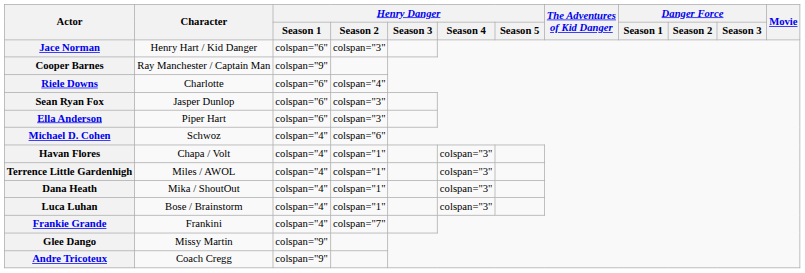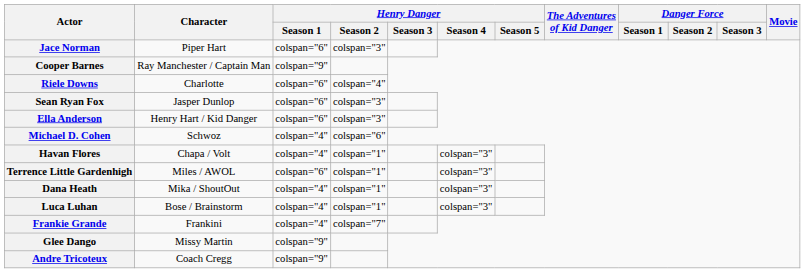 <table class="wikitable" style="text-align:center; font-size:90%">
 <tr>
 <th rowspan="2">Actor</th>
 <th rowspan="2">Character</th>
 <th colspan="5"><em><a href='#'>Henry Danger</a></em></th>
 <th rowspan="2"><em><a href='#'>The Adventures<br>of Kid Danger</a></em></th>
 <th colspan="3"><em><a href='#'>Danger Force</a></em></th>
 <th rowspan="2"><a href='#'>Movie</a></th>
 </tr>
 <tr>
 <th style="width:60px;">Season 1</th>
 <th style="width:60px;">Season 2</th>
 <th style="width:60px;">Season 3</th>
 <th style="width:60px;">Season 4</th>
 <th style="width:60px;">Season 5</th>
 <th style="width:60px;">Season 1</th>
 <th style="width:60px;">Season 2</th>
 <th style="width:60px;">Season 3</th>
 </tr>
 <tr>
 <th><a href='#'>Jace Norman</a></th>
-<td>Henry Hart / Kid Danger</td>
+<td>Piper Hart</td>
 <td>colspan="6" </td>
 <td>colspan="3" </td>
 <td></td>
 </tr>
 <tr>
 <th>Cooper Barnes</th>
 <td>Ray Manchester / Captain Man</td>
 <td>colspan="9" </td>
 <td></td>
 </tr>
 <tr>
 <th><a href='#'>Riele Downs</a></th>
 <td>Charlotte</td>
 <td>colspan="6" </td>
 <td>colspan="4" </td>
 </tr>
 <tr>
 <th>Sean Ryan Fox</th>
 <td>Jasper Dunlop</td>
 <td>colspan="6" </td>
 <td>colspan="3" </td>
 <td></td>
 </tr>
 <tr>
 <th><a href='#'>Ella Anderson</a></th>
-<td>Piper Hart</td>
+<td>Henry Hart / Kid Danger</td>
 <td>colspan="6" </td>
 <td>colspan="3" </td>
 <td></td>
 </tr>
 <tr>
 <th><a href='#'>Michael D. Cohen</a></th>
 <td>Schwoz</td>
 <td>colspan="4" </td>
 <td>colspan="6" </td>
 </tr>
 <tr>
 <th>Havan Flores</th>
 <td>Chapa / Volt</td>
 <td>colspan="4" </td>
 <td>colspan="1" </td>
 <td></td>
 <td>colspan="3" </td>
 <td></td>
 </tr>
 <tr>
 <th>Terrence Little Gardenhigh</th>
 <td>Miles / AWOL</td>
-<td>colspan="4" </td>
+<td>colspan="6" </td>
 <td>colspan="1" </td>
 <td></td>
 <td>colspan="3" </td>
 <td></td>
 </tr>
 <tr>
 <th>Dana Heath</th>
 <td>Mika / ShoutOut</td>
 <td>colspan="4" </td>
 <td>colspan="1" </td>
 <td></td>
 <td>colspan="3" </td>
 <td></td>
 </tr>
 <tr>
 <th>Luca Luhan</th>
 <td>Bose / Brainstorm</td>
 <td>colspan="4" </td>
 <td>colspan="1" </td>
 <td></td>
 <td>colspan="3" </td>
 <td></td>
 </tr>
 <tr>
 <th><a href='#'>Frankie Grande</a></th>
 <td>Frankini</td>
 <td>colspan="4" </td>
 <td>colspan="7" </td>
 <td></td>
 </tr>
 <tr>
 <th>Glee Dango</th>
 <td>Missy Martin</td>
 <td>colspan="9" </td>
 <td></td>
 </tr>
 <tr>
 <th><a href='#'>Andre Tricoteux</a></th>
 <td>Coach Cregg</td>
 <td>colspan="9" </td>
 <td></td>
 </tr>
 </table>
